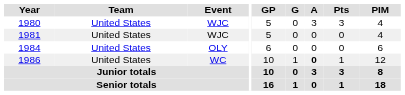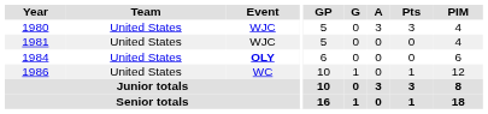 <table border="0" cellpadding="1" cellspacing="0" ID="Table3" style="text-align:center; width:40em">
 <tr bgcolor="#e0e0e0">
 <th>Year</th>
 <th>Team</th>
 <th>Event</th>
 <th rowspan="102" bgcolor="#ffffff"></th>
 <th>GP</th>
 <th>G</th>
 <th>A</th>
 <th>Pts</th>
 <th>PIM</th>
 </tr>
 <tr>
 <td><a href='#'>1980</a></td>
 <td><a href='#'>United States</a></td>
 <td><a href='#'>WJC</a></td>
 <td>5</td>
 <td>0</td>
 <td>3</td>
 <td>3</td>
 <td>4</td>
 </tr>
 <tr bgcolor="#f0f0f0">
 <td><a href='#'>1981</a></td>
 <td>United States</td>
 <td>WJC</td>
 <td>5</td>
 <td>0</td>
 <td>0</td>
 <td>0</td>
 <td>4</td>
 </tr>
 <tr>
 <td><a href='#'>1984</a></td>
 <td><a href='#'>United States</a></td>
-<td><a href='#'>OLY</a></td>
+<td><strong><a href='#'>OLY</a></strong></td>
 <td>6</td>
 <td>0</td>
 <td>0</td>
 <td>0</td>
 <td>6</td>
 </tr>
 <tr bgcolor="#f0f0f0">
 <td><a href='#'>1986</a></td>
 <td>United States</td>
 <td><a href='#'>WC</a></td>
 <td>10</td>
 <td>1</td>
-<td><strong>0</strong></td>
+<td>0</td>
 <td>1</td>
 <td>12</td>
 </tr>
 <tr bgcolor="#e0e0e0">
 <th colspan="3">Junior totals</th>
 <th>10</th>
 <th>0</th>
 <th>3</th>
 <th>3</th>
 <th>8</th>
 </tr>
 <tr bgcolor="#e0e0e0">
 <th colspan="3">Senior totals</th>
 <th>16</th>
 <th>1</th>
 <th>0</th>
 <th>1</th>
 <th>18</th>
 </tr>
 </table>
